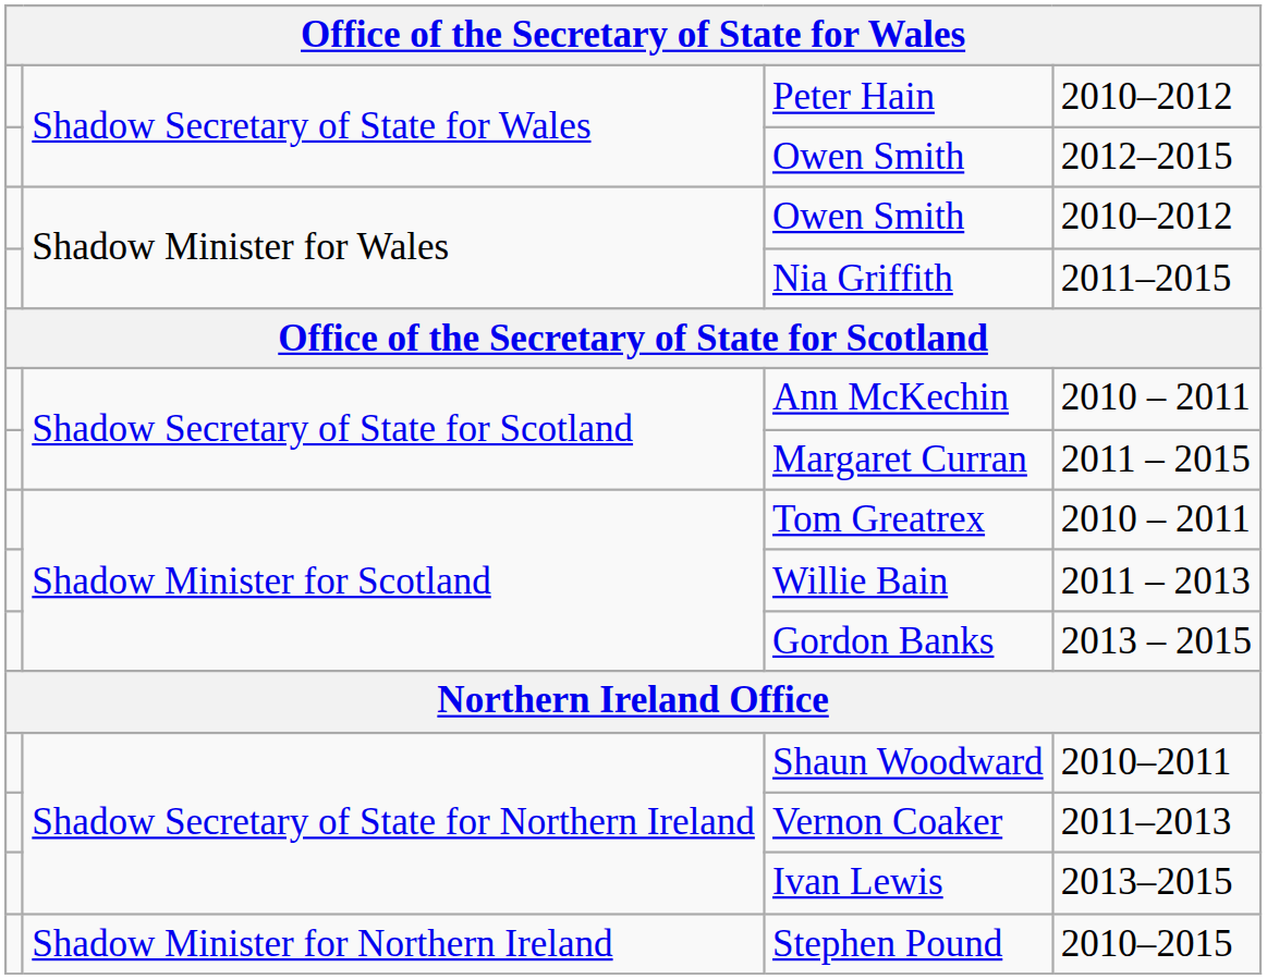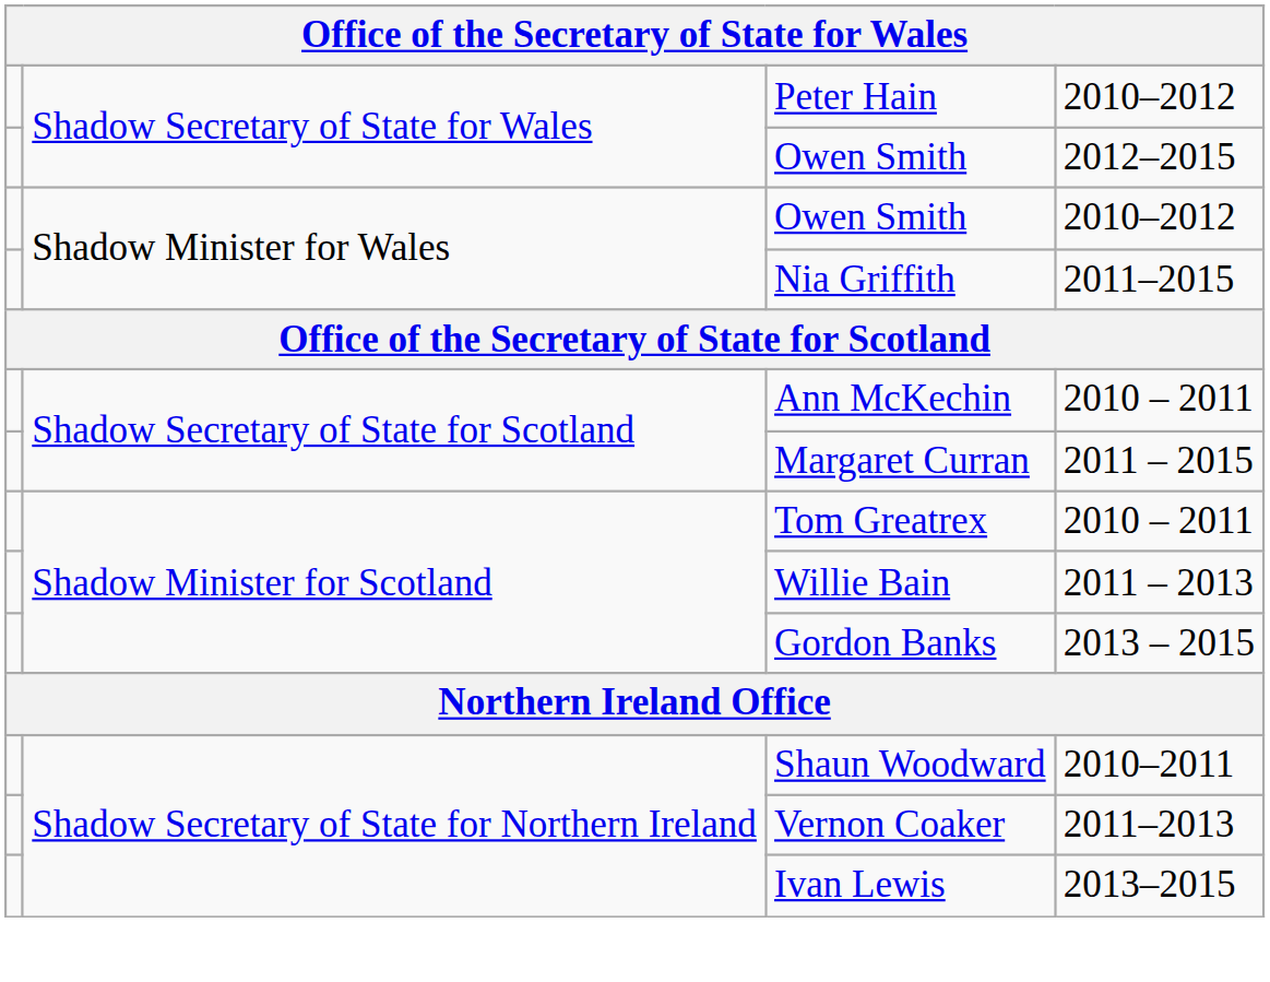 <table class="wikitable">
 <tr>
 <th colspan="4"><a href='#'>Office of the Secretary of State for Wales</a></th>
 </tr>
 <tr>
 <td style="background: "></td>
 <td rowspan="2"><a href='#'>Shadow Secretary of State for Wales</a></td>
 <td><a href='#'>Peter Hain</a></td>
 <td>2010–2012</td>
 </tr>
 <tr>
 <td style="background: "></td>
 <td><a href='#'>Owen Smith</a></td>
 <td>2012–2015</td>
 </tr>
 <tr>
 <td style="background: "></td>
 <td rowspan="2">Shadow Minister for Wales</td>
 <td><a href='#'>Owen Smith</a></td>
 <td>2010–2012</td>
 </tr>
 <tr>
 <td style="background: "></td>
 <td><a href='#'>Nia Griffith</a></td>
 <td>2011–2015</td>
 </tr>
 <tr>
 <th colspan="4"><a href='#'>Office of the Secretary of State for Scotland</a></th>
 </tr>
 <tr>
 <td style="background: "></td>
 <td rowspan="2"><a href='#'>Shadow Secretary of State for Scotland</a></td>
 <td><a href='#'>Ann McKechin</a></td>
 <td>2010 – 2011</td>
 </tr>
 <tr>
 <td style="background: "></td>
 <td><a href='#'>Margaret Curran</a></td>
 <td>2011 – 2015</td>
 </tr>
 <tr>
 <td style="background: "></td>
 <td rowspan="3"><a href='#'>Shadow Minister for Scotland</a></td>
 <td><a href='#'>Tom Greatrex</a></td>
 <td>2010 – 2011</td>
 </tr>
 <tr>
 <td style="background: "></td>
 <td><a href='#'>Willie Bain</a></td>
 <td>2011 – 2013</td>
 </tr>
 <tr>
 <td style="background: "></td>
 <td><a href='#'>Gordon Banks</a></td>
 <td>2013 – 2015</td>
 </tr>
 <tr>
 <th colspan="4"><a href='#'>Northern Ireland Office</a></th>
 </tr>
 <tr>
 <td style="background: "></td>
 <td rowspan="3"><a href='#'>Shadow Secretary of State for Northern Ireland</a></td>
 <td><a href='#'>Shaun Woodward</a></td>
 <td>2010–2011</td>
 </tr>
 <tr>
 <td style="background: "></td>
 <td><a href='#'>Vernon Coaker</a></td>
 <td>2011–2013</td>
 </tr>
 <tr>
 <td style="background: "></td>
 <td><a href='#'>Ivan Lewis</a></td>
 <td>2013–2015</td>
 </tr>
-<tr>
-<td style="background: "></td>
-<td rowspan="1"><a href='#'>Shadow Minister for Northern Ireland</a></td>
-<td><a href='#'>Stephen Pound</a></td>
-<td>2010–2015</td>
-</tr>
 </table>
